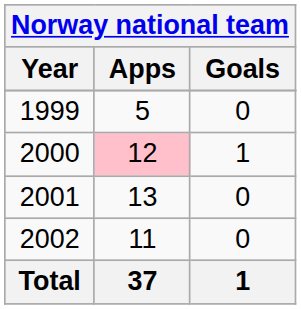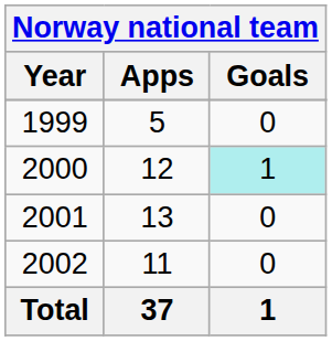 <table class="wikitable" style="text-align:center">
 <tr>
 <th colspan=3><a href='#'>Norway national team</a></th>
 </tr>
 <tr>
 <th>Year</th>
 <th>Apps</th>
 <th>Goals</th>
 </tr>
 <tr>
 </tr>
 <tr>
 <td>1999</td>
 <td>5</td>
 <td>0</td>
 </tr>
 <tr>
 <td>2000</td>
-<td style="background: pink;">12</td>
-<td>1</td>
+<td>12</td>
+<td style="background: paleturquoise;">1</td>
 </tr>
 <tr>
 <td>2001</td>
 <td>13</td>
 <td>0</td>
 </tr>
 <tr>
 <td>2002</td>
 <td>11</td>
 <td>0</td>
 </tr>
 <tr>
 <th>Total</th>
 <th>37</th>
 <th>1</th>
 </tr>
 </table>
